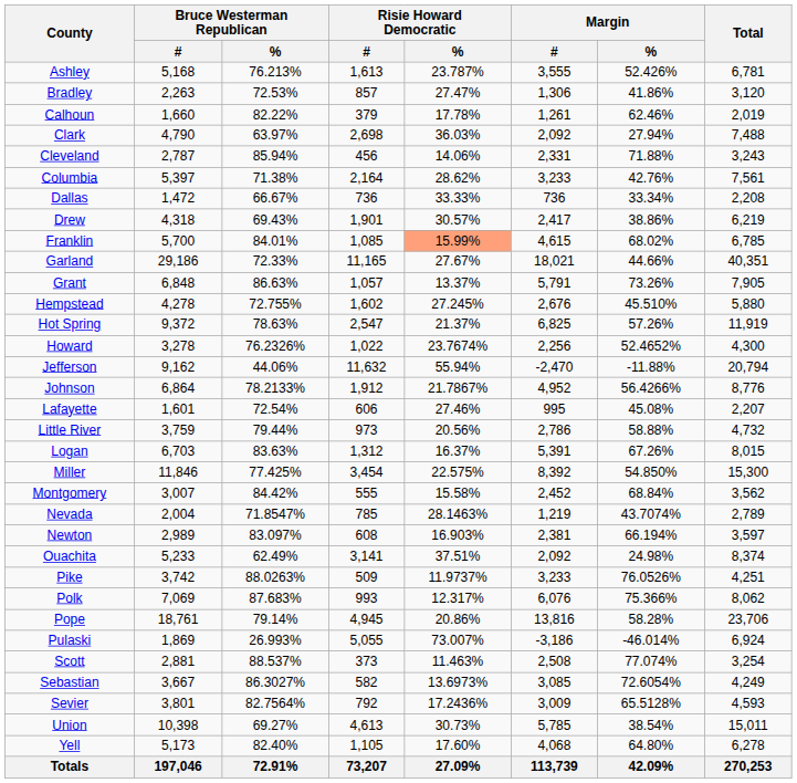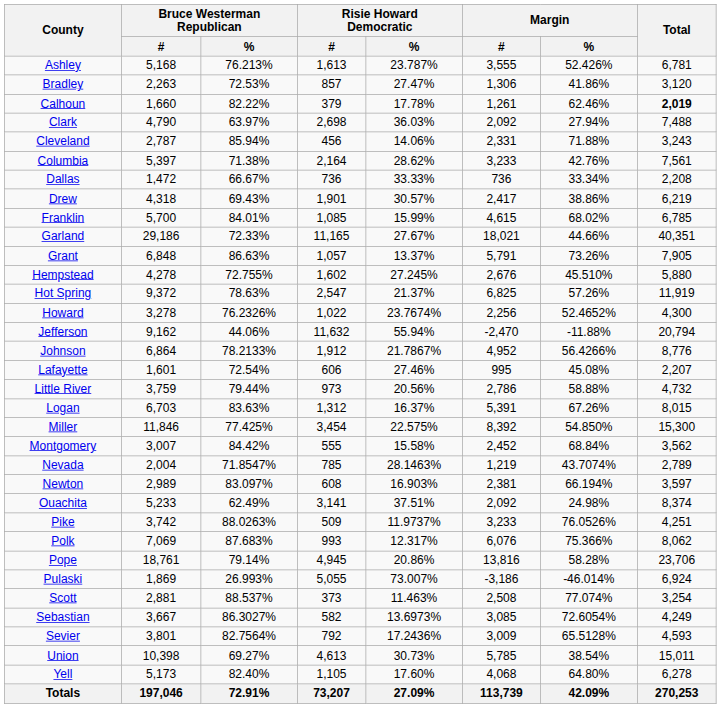 <table width="60%" class="wikitable sortable">
 <tr>
 <th rowspan="2">County</th>
 <th colspan="2">Bruce Westerman<br>Republican</th>
 <th colspan="2">Risie Howard<br>Democratic</th>
 <th colspan="2">Margin</th>
 <th rowspan="2">Total</th>
 </tr>
 <tr>
 <th style="text-align:center;" data-sort-type="number">#</th>
 <th style="text-align:center;" data-sort-type="number">%</th>
 <th style="text-align:center;" data-sort-type="number">#</th>
 <th style="text-align:center;" data-sort-type="number">%</th>
 <th style="text-align:center;" data-sort-type="number">#</th>
 <th style="text-align:center;" data-sort-type="number">%</th>
 </tr>
 <tr style="text-align:center;">
 <td><a href='#'>Ashley</a></td>
 <td>5,168</td>
 <td>76.213%</td>
 <td>1,613</td>
 <td>23.787%</td>
 <td>3,555</td>
 <td>52.426%</td>
 <td>6,781</td>
 </tr>
 <tr style="text-align:center;">
 <td><a href='#'>Bradley</a></td>
 <td>2,263</td>
 <td>72.53%</td>
 <td>857</td>
 <td>27.47%</td>
 <td>1,306</td>
 <td>41.86%</td>
 <td>3,120</td>
 </tr>
 <tr style="text-align:center;">
 <td><a href='#'>Calhoun</a></td>
 <td>1,660</td>
 <td>82.22%</td>
 <td>379</td>
 <td>17.78%</td>
 <td>1,261</td>
 <td>62.46%</td>
-<td>2,019</td>
+<td><strong>2,019</strong></td>
 </tr>
 <tr style="text-align:center;">
 <td><a href='#'>Clark</a></td>
 <td>4,790</td>
 <td>63.97%</td>
 <td>2,698</td>
 <td>36.03%</td>
 <td>2,092</td>
 <td>27.94%</td>
 <td>7,488</td>
 </tr>
 <tr style="text-align:center;">
 <td><a href='#'>Cleveland</a></td>
 <td>2,787</td>
 <td>85.94%</td>
 <td>456</td>
 <td>14.06%</td>
 <td>2,331</td>
 <td>71.88%</td>
 <td>3,243</td>
 </tr>
 <tr style="text-align:center;">
 <td><a href='#'>Columbia</a></td>
 <td>5,397</td>
 <td>71.38%</td>
 <td>2,164</td>
 <td>28.62%</td>
 <td>3,233</td>
 <td>42.76%</td>
 <td>7,561</td>
 </tr>
 <tr style="text-align:center;">
 <td><a href='#'>Dallas</a></td>
 <td>1,472</td>
 <td>66.67%</td>
 <td>736</td>
 <td>33.33%</td>
 <td>736</td>
 <td>33.34%</td>
 <td>2,208</td>
 </tr>
 <tr style="text-align:center;">
 <td><a href='#'>Drew</a></td>
 <td>4,318</td>
 <td>69.43%</td>
 <td>1,901</td>
 <td>30.57%</td>
 <td>2,417</td>
 <td>38.86%</td>
 <td>6,219</td>
 </tr>
 <tr style="text-align:center;">
 <td><a href='#'>Franklin</a></td>
 <td>5,700</td>
 <td>84.01%</td>
 <td>1,085</td>
-<td style="background: lightsalmon;">15.99%</td>
+<td>15.99%</td>
 <td>4,615</td>
 <td>68.02%</td>
 <td>6,785</td>
 </tr>
 <tr style="text-align:center;">
 <td><a href='#'>Garland</a></td>
 <td>29,186</td>
 <td>72.33%</td>
 <td>11,165</td>
 <td>27.67%</td>
 <td>18,021</td>
 <td>44.66%</td>
 <td>40,351</td>
 </tr>
 <tr style="text-align:center;">
 <td><a href='#'>Grant</a></td>
 <td>6,848</td>
 <td>86.63%</td>
 <td>1,057</td>
 <td>13.37%</td>
 <td>5,791</td>
 <td>73.26%</td>
 <td>7,905</td>
 </tr>
 <tr style="text-align:center;">
 <td><a href='#'>Hempstead</a></td>
 <td>4,278</td>
 <td>72.755%</td>
 <td>1,602</td>
 <td>27.245%</td>
 <td>2,676</td>
 <td>45.510%</td>
 <td>5,880</td>
 </tr>
 <tr style="text-align:center;">
 <td><a href='#'>Hot Spring</a></td>
 <td>9,372</td>
 <td>78.63%</td>
 <td>2,547</td>
 <td>21.37%</td>
 <td>6,825</td>
 <td>57.26%</td>
 <td>11,919</td>
 </tr>
 <tr style="text-align:center;">
 <td><a href='#'>Howard</a></td>
 <td>3,278</td>
 <td>76.2326%</td>
 <td>1,022</td>
 <td>23.7674%</td>
 <td>2,256</td>
 <td>52.4652%</td>
 <td>4,300</td>
 </tr>
 <tr style="text-align:center;">
 <td><a href='#'>Jefferson</a></td>
 <td>9,162</td>
 <td>44.06%</td>
 <td>11,632</td>
 <td>55.94%</td>
 <td>-2,470</td>
 <td>-11.88%</td>
 <td>20,794</td>
 </tr>
 <tr style="text-align:center;">
 <td><a href='#'>Johnson</a></td>
 <td>6,864</td>
 <td>78.2133%</td>
 <td>1,912</td>
 <td>21.7867%</td>
 <td>4,952</td>
 <td>56.4266%</td>
 <td>8,776</td>
 </tr>
 <tr style="text-align:center;">
 <td><a href='#'>Lafayette</a></td>
 <td>1,601</td>
 <td>72.54%</td>
 <td>606</td>
 <td>27.46%</td>
 <td>995</td>
 <td>45.08%</td>
 <td>2,207</td>
 </tr>
 <tr style="text-align:center;">
 <td><a href='#'>Little River</a></td>
 <td>3,759</td>
 <td>79.44%</td>
 <td>973</td>
 <td>20.56%</td>
 <td>2,786</td>
 <td>58.88%</td>
 <td>4,732</td>
 </tr>
 <tr style="text-align:center;">
 <td><a href='#'>Logan</a></td>
 <td>6,703</td>
 <td>83.63%</td>
 <td>1,312</td>
 <td>16.37%</td>
 <td>5,391</td>
 <td>67.26%</td>
 <td>8,015</td>
 </tr>
 <tr style="text-align:center;">
 <td><a href='#'>Miller</a></td>
 <td>11,846</td>
 <td>77.425%</td>
 <td>3,454</td>
 <td>22.575%</td>
 <td>8,392</td>
 <td>54.850%</td>
 <td>15,300</td>
 </tr>
 <tr style="text-align:center;">
 <td><a href='#'>Montgomery</a></td>
 <td>3,007</td>
 <td>84.42%</td>
 <td>555</td>
 <td>15.58%</td>
 <td>2,452</td>
 <td>68.84%</td>
 <td>3,562</td>
 </tr>
 <tr style="text-align:center;">
 <td><a href='#'>Nevada</a></td>
 <td>2,004</td>
 <td>71.8547%</td>
 <td>785</td>
 <td>28.1463%</td>
 <td>1,219</td>
 <td>43.7074%</td>
 <td>2,789</td>
 </tr>
 <tr style="text-align:center;">
 <td><a href='#'>Newton</a></td>
 <td>2,989</td>
 <td>83.097%</td>
 <td>608</td>
 <td>16.903%</td>
 <td>2,381</td>
 <td>66.194%</td>
 <td>3,597</td>
 </tr>
 <tr style="text-align:center;">
 <td><a href='#'>Ouachita</a></td>
 <td>5,233</td>
 <td>62.49%</td>
 <td>3,141</td>
 <td>37.51%</td>
 <td>2,092</td>
 <td>24.98%</td>
 <td>8,374</td>
 </tr>
 <tr style="text-align:center;">
 <td><a href='#'>Pike</a></td>
 <td>3,742</td>
 <td>88.0263%</td>
 <td>509</td>
 <td>11.9737%</td>
 <td>3,233</td>
 <td>76.0526%</td>
 <td>4,251</td>
 </tr>
 <tr style="text-align:center;">
 <td><a href='#'>Polk</a></td>
 <td>7,069</td>
 <td>87.683%</td>
 <td>993</td>
 <td>12.317%</td>
 <td>6,076</td>
 <td>75.366%</td>
 <td>8,062</td>
 </tr>
 <tr style="text-align:center;">
 <td><a href='#'>Pope</a></td>
 <td>18,761</td>
 <td>79.14%</td>
 <td>4,945</td>
 <td>20.86%</td>
 <td>13,816</td>
 <td>58.28%</td>
 <td>23,706</td>
 </tr>
 <tr style="text-align:center;">
 <td><a href='#'>Pulaski</a></td>
 <td>1,869</td>
 <td>26.993%</td>
 <td>5,055</td>
 <td>73.007%</td>
 <td>-3,186</td>
 <td>-46.014%</td>
 <td>6,924</td>
 </tr>
 <tr style="text-align:center;">
 <td><a href='#'>Scott</a></td>
 <td>2,881</td>
 <td>88.537%</td>
 <td>373</td>
 <td>11.463%</td>
 <td>2,508</td>
 <td>77.074%</td>
 <td>3,254</td>
 </tr>
 <tr style="text-align:center;">
 <td><a href='#'>Sebastian</a></td>
 <td>3,667</td>
 <td>86.3027%</td>
 <td>582</td>
 <td>13.6973%</td>
 <td>3,085</td>
 <td>72.6054%</td>
 <td>4,249</td>
 </tr>
 <tr style="text-align:center;">
 <td><a href='#'>Sevier</a></td>
 <td>3,801</td>
 <td>82.7564%</td>
 <td>792</td>
 <td>17.2436%</td>
 <td>3,009</td>
 <td>65.5128%</td>
 <td>4,593</td>
 </tr>
 <tr style="text-align:center;">
 <td><a href='#'>Union</a></td>
 <td>10,398</td>
 <td>69.27%</td>
 <td>4,613</td>
 <td>30.73%</td>
 <td>5,785</td>
 <td>38.54%</td>
 <td>15,011</td>
 </tr>
 <tr style="text-align:center;">
 <td><a href='#'>Yell</a></td>
 <td>5,173</td>
 <td>82.40%</td>
 <td>1,105</td>
 <td>17.60%</td>
 <td>4,068</td>
 <td>64.80%</td>
 <td>6,278</td>
 </tr>
 <tr>
 <th>Totals</th>
 <th>197,046</th>
 <th>72.91%</th>
 <th>73,207</th>
 <th>27.09%</th>
 <th>113,739</th>
 <th>42.09%</th>
 <th>270,253</th>
 </tr>
 </table>
